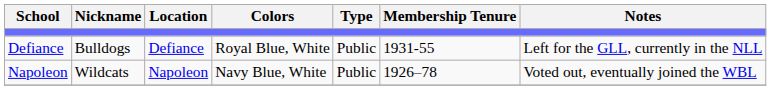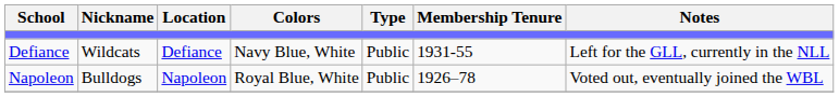 <table class="wikitable sortable">
 <tr>
 <th>School</th>
 <th>Nickname</th>
 <th>Location</th>
 <th>Colors</th>
 <th>Type</th>
 <th>Membership Tenure</th>
 <th>Notes</th>
 </tr>
 <tr>
 <th colspan="8" style="background:#676AFE;"></th>
 </tr>
 <tr>
 <td><a href='#'>Defiance</a></td>
-<td>Bulldogs</td>
+<td>Wildcats</td>
 <td><a href='#'>Defiance</a></td>
-<td>Royal Blue, White <br>  </td>
+<td>Navy Blue, White <br>  </td>
 <td>Public</td>
 <td>1931-55</td>
 <td>Left for the <a href='#'>GLL</a>, currently in the <a href='#'>NLL</a></td>
 </tr>
 <tr>
 <td><a href='#'>Napoleon</a></td>
-<td>Wildcats</td>
+<td>Bulldogs</td>
 <td><a href='#'>Napoleon</a></td>
-<td>Navy Blue, White <br>  </td>
+<td>Royal Blue, White <br>  </td>
 <td>Public</td>
 <td>1926–78</td>
 <td>Voted out, eventually joined the <a href='#'>WBL</a></td>
 </tr>
 <tr>
 </tr>
 </table>
